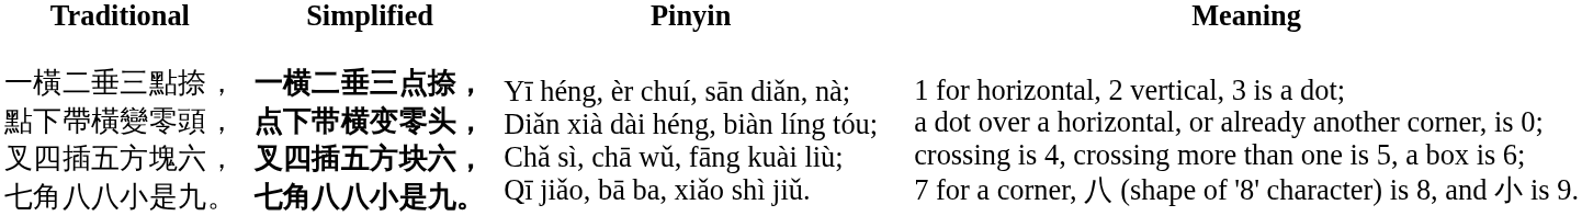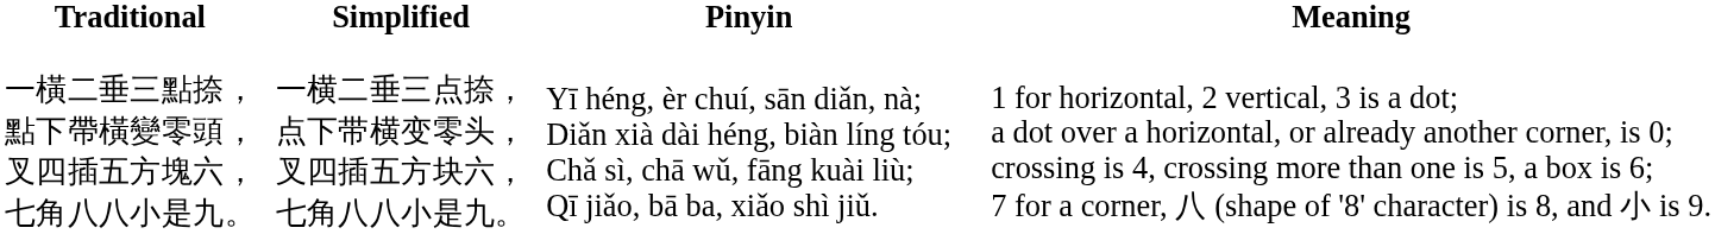 <table border="0" cellspacing="0" cellpadding="0" style="margin:0.5em;margin-left:2em">
 <tr>
 <th>Traditional</th>
 <td rowspan="2" width="10"> </td>
 <th>Simplified</th>
 <td rowspan="2" width="10"> </td>
 <th>Pinyin</th>
 <td rowspan="2" width="20"> </td>
 <th>Meaning</th>
 </tr>
 <tr>
 <td><br>一橫二垂三點捺，<br> 點下帶橫變零頭，<br> 叉四插五方塊六，<br> 七角八八小是九。</td>
-<td><strong><br>一横二垂三点捺，<br> 点下带横变零头，<br> 叉四插五方块六，<br> 七角八八小是九。</strong></td>
+<td><br>一横二垂三点捺，<br> 点下带横变零头，<br> 叉四插五方块六，<br> 七角八八小是九。</td>
 <td><br>Yī héng, èr chuí, sān diǎn, nà;<br> Diǎn xià dài héng, biàn líng tóu;<br> Chǎ sì, chā wǔ, fāng kuài liù;<br> Qī jiǎo, bā ba, xiǎo shì jiǔ.</td>
 <td><br>1 for horizontal, 2 vertical, 3 is a dot;<br> a dot over a horizontal, or already another corner, is 0;<br> crossing is 4, crossing more than one is 5, a box is 6;<br> 7 for a corner, 八 (shape of '8' character) is 8, and 小 is 9.</td>
 </tr>
 </table>
